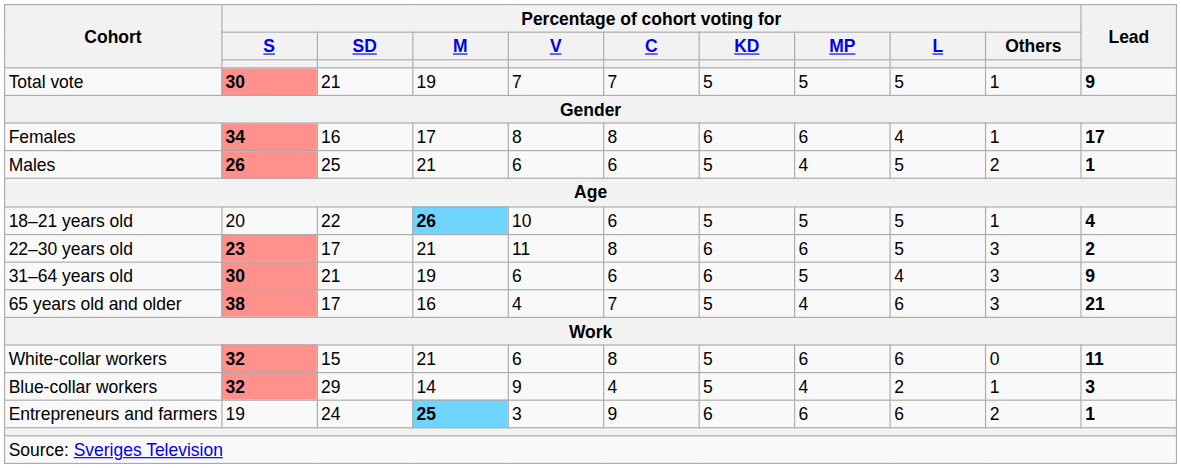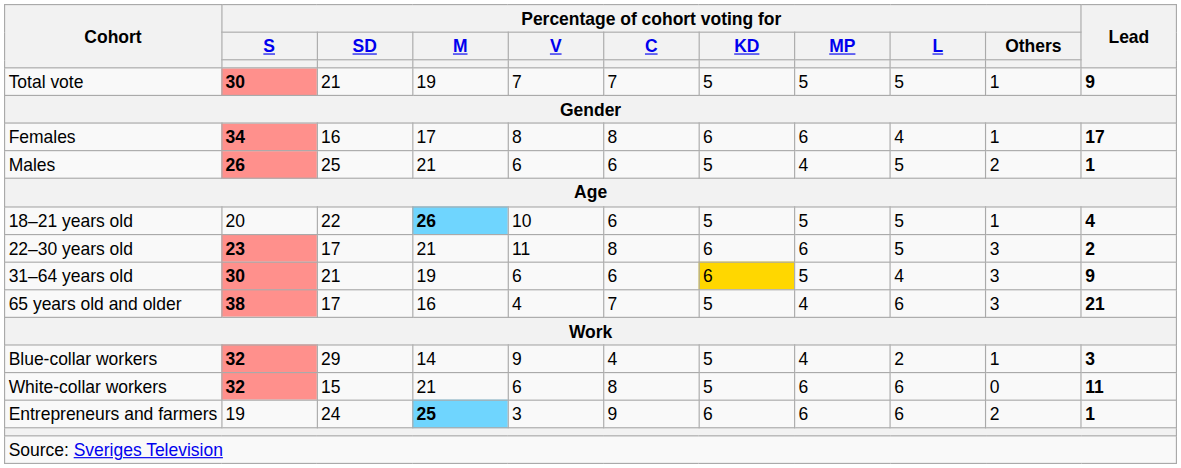 <table class="wikitable" style="font-size:95%;">
 <tr>
 <th rowspan="3">Cohort</th>
 <th colspan="9">Percentage of cohort voting for</th>
 <th scope="col" style="width:5em;" rowspan="3">Lead</th>
 </tr>
 <tr>
 <th scope="col" style="width:5em;"><a href='#'>S</a></th>
 <th scope="col" style="width:5em;"><a href='#'>SD</a></th>
 <th scope="col" style="width:5em;"><a href='#'>M</a></th>
 <th scope="col" style="width:5em;"><a href='#'>V</a></th>
 <th scope="col" style="width:5em;"><a href='#'>C</a></th>
 <th scope="col" style="width:5em;"><a href='#'>KD</a></th>
 <th scope="col" style="width:5em;"><a href='#'>MP</a></th>
 <th scope="col" style="width:5em;"><a href='#'>L</a></th>
 <th scope="col" style="width:5em;">Others</th>
 </tr>
 <tr>
 <th style="background:"></th>
 <th style="background:"></th>
 <th style="background:"></th>
 <th style="background:"></th>
 <th style="background:"></th>
 <th style="background:"></th>
 <th style="background:"></th>
 <th style="background:"></th>
 <th style="background:"></th>
 </tr>
 <tr>
 <td>Total vote</td>
 <td style="background:#ff908c;"><strong>30</strong></td>
 <td>21</td>
 <td>19</td>
 <td>7</td>
 <td>7</td>
 <td>5</td>
 <td>5</td>
 <td>5</td>
 <td>1</td>
 <td style="background:"><strong>9</strong></td>
 </tr>
 <tr>
 <th colspan="11">Gender</th>
 </tr>
 <tr>
 <td>Females</td>
 <td style="background:#ff908c;"><strong>34</strong></td>
 <td>16</td>
 <td>17</td>
 <td>8</td>
 <td>8</td>
 <td>6</td>
 <td>6</td>
 <td>4</td>
 <td>1</td>
 <td style="background:"><strong>17</strong></td>
 </tr>
 <tr>
 <td>Males</td>
 <td style="background:#ff908c;"><strong>26</strong></td>
 <td>25</td>
 <td>21</td>
 <td>6</td>
 <td>6</td>
 <td>5</td>
 <td>4</td>
 <td>5</td>
 <td>2</td>
 <td style="background:"><strong>1</strong></td>
 </tr>
 <tr>
 <th colspan="11">Age</th>
 </tr>
 <tr>
 <td>18–21 years old</td>
 <td>20</td>
 <td>22</td>
 <td style="background:#6fd5fe;"><strong>26</strong></td>
 <td>10</td>
 <td>6</td>
 <td>5</td>
 <td>5</td>
 <td>5</td>
 <td>1</td>
 <td style="background:"><strong>4</strong></td>
 </tr>
 <tr>
 <td>22–30 years old</td>
 <td style="background:#ff908c;"><strong>23</strong></td>
 <td>17</td>
 <td>21</td>
 <td>11</td>
 <td>8</td>
 <td>6</td>
 <td>6</td>
 <td>5</td>
 <td>3</td>
 <td style="background:"><strong>2</strong></td>
 </tr>
 <tr>
 <td>31–64 years old</td>
 <td style="background:#ff908c;"><strong>30</strong></td>
 <td>21</td>
 <td>19</td>
 <td>6</td>
 <td>6</td>
-<td>6</td>
+<td style="background: gold;">6</td>
 <td>5</td>
 <td>4</td>
 <td>3</td>
 <td style="background:"><strong>9</strong></td>
 </tr>
 <tr>
 <td>65 years old and older</td>
 <td style="background:#ff908c;"><strong>38</strong></td>
 <td>17</td>
 <td>16</td>
 <td>4</td>
 <td>7</td>
 <td>5</td>
 <td>4</td>
 <td>6</td>
 <td>3</td>
 <td style="background:"><strong>21</strong></td>
 </tr>
 <tr>
 <th colspan="11">Work</th>
 </tr>
 <tr>
+<td>Blue-collar workers</td>
+<td style="background:#ff908c;"><strong>32</strong></td>
+<td>29</td>
+<td>14</td>
+<td>9</td>
+<td>4</td>
+<td>5</td>
+<td>4</td>
+<td>2</td>
+<td>1</td>
+<td style="background:"><strong>3</strong></td>
+</tr>
+<tr>
 <td>White-collar workers</td>
 <td style="background:#ff908c;"><strong>32</strong></td>
 <td>15</td>
 <td>21</td>
 <td>6</td>
 <td>8</td>
 <td>5</td>
 <td>6</td>
 <td>6</td>
 <td>0</td>
 <td style="background:"><strong>11</strong></td>
-</tr>
-<tr>
-<td>Blue-collar workers</td>
-<td style="background:#ff908c;"><strong>32</strong></td>
-<td>29</td>
-<td>14</td>
-<td>9</td>
-<td>4</td>
-<td>5</td>
-<td>4</td>
-<td>2</td>
-<td>1</td>
-<td style="background:"><strong>3</strong></td>
 </tr>
 <tr>
 <td>Entrepreneurs and farmers</td>
 <td>19</td>
 <td>24</td>
 <td style="background:#6fd5fe;"><strong>25</strong></td>
 <td>3</td>
 <td>9</td>
 <td>6</td>
 <td>6</td>
 <td>6</td>
 <td>2</td>
 <td style="background:"><strong>1</strong></td>
 </tr>
 <tr>
 <th colspan="11!"></th>
 </tr>
 <tr>
 <td colspan="11">Source: <a href='#'>Sveriges Television</a></td>
 </tr>
 </table>
